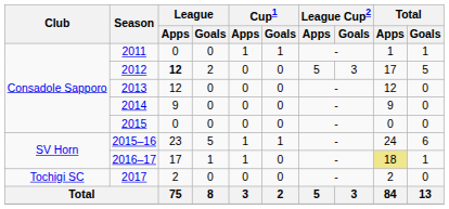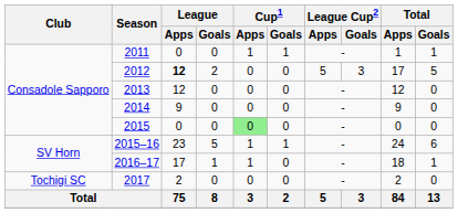 <table class="wikitable" style="text-align:center;">
 <tr>
 <th rowspan="2">Club</th>
 <th rowspan="2">Season</th>
 <th colspan="2">League</th>
 <th colspan="2">Cup<sup><a href='#'>1</a></sup></th>
 <th colspan="2">League Cup<sup><a href='#'>2</a></sup></th>
 <th colspan="2">Total</th>
 </tr>
 <tr>
 <th>Apps</th>
 <th>Goals</th>
 <th>Apps</th>
 <th>Goals</th>
 <th>Apps</th>
 <th>Goals</th>
 <th>Apps</th>
 <th>Goals</th>
 </tr>
 <tr>
 <td rowspan="5"><a href='#'>Consadole Sapporo</a></td>
 <td><a href='#'>2011</a></td>
 <td>0</td>
 <td>0</td>
 <td>1</td>
 <td>1</td>
 <td colspan="2">-</td>
 <td>1</td>
 <td>1</td>
 </tr>
 <tr>
 <td><a href='#'>2012</a></td>
 <td><strong>12</strong></td>
 <td>2</td>
 <td>0</td>
 <td>0</td>
 <td>5</td>
 <td>3</td>
 <td>17</td>
 <td>5</td>
 </tr>
 <tr>
 <td><a href='#'>2013</a></td>
 <td>12</td>
 <td>0</td>
 <td>0</td>
 <td>0</td>
 <td colspan="2">-</td>
 <td>12</td>
 <td>0</td>
 </tr>
 <tr>
 <td><a href='#'>2014</a></td>
 <td>9</td>
 <td>0</td>
 <td>0</td>
 <td>0</td>
 <td colspan="2">-</td>
 <td>9</td>
 <td>0</td>
 </tr>
 <tr>
 <td><a href='#'>2015</a></td>
 <td>0</td>
 <td>0</td>
-<td>0</td>
+<td style="background: lightgreen;">0</td>
 <td>0</td>
 <td colspan="2">-</td>
 <td>0</td>
 <td>0</td>
 </tr>
 <tr>
 <td rowspan="2"><a href='#'>SV Horn</a></td>
 <td><a href='#'>2015–16</a></td>
 <td>23</td>
 <td>5</td>
 <td>1</td>
 <td>1</td>
 <td colspan="2">-</td>
 <td>24</td>
 <td>6</td>
 </tr>
 <tr>
 <td><a href='#'>2016–17</a></td>
 <td>17</td>
 <td>1</td>
 <td>1</td>
 <td>0</td>
 <td colspan="2">-</td>
-<td style="background: khaki;">18</td>
+<td>18</td>
 <td>1</td>
 </tr>
 <tr>
 <td rowspan="1"><a href='#'>Tochigi SC</a></td>
 <td><a href='#'>2017</a></td>
 <td>2</td>
 <td>0</td>
 <td>0</td>
 <td>0</td>
 <td colspan="2">-</td>
 <td>2</td>
 <td>0</td>
 </tr>
 <tr>
 <th colspan="2">Total</th>
 <th>75</th>
 <th>8</th>
 <th>3</th>
 <th>2</th>
 <th>5</th>
 <th>3</th>
 <th>84</th>
 <th>13</th>
 </tr>
 <tr>
 </tr>
 </table>
